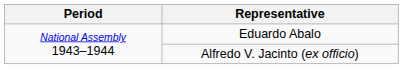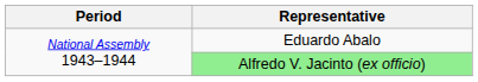 <table class="wikitable" style="text-align:center; width:40%;">
 <tr>
 <th width="40%">Period</th>
 <th>Representative</th>
 </tr>
 <tr>
 <td rowspan="2"><small><a href='#'><em>National Assembly</em></a></small><br>1943–1944</td>
 <td>Eduardo Abalo</td>
 </tr>
 <tr>
-<td>Alfredo V. Jacinto (<em>ex officio</em>)</td>
+<td style="background: lightgreen;">Alfredo V. Jacinto (<em>ex officio</em>)</td>
 </tr>
 </table>
